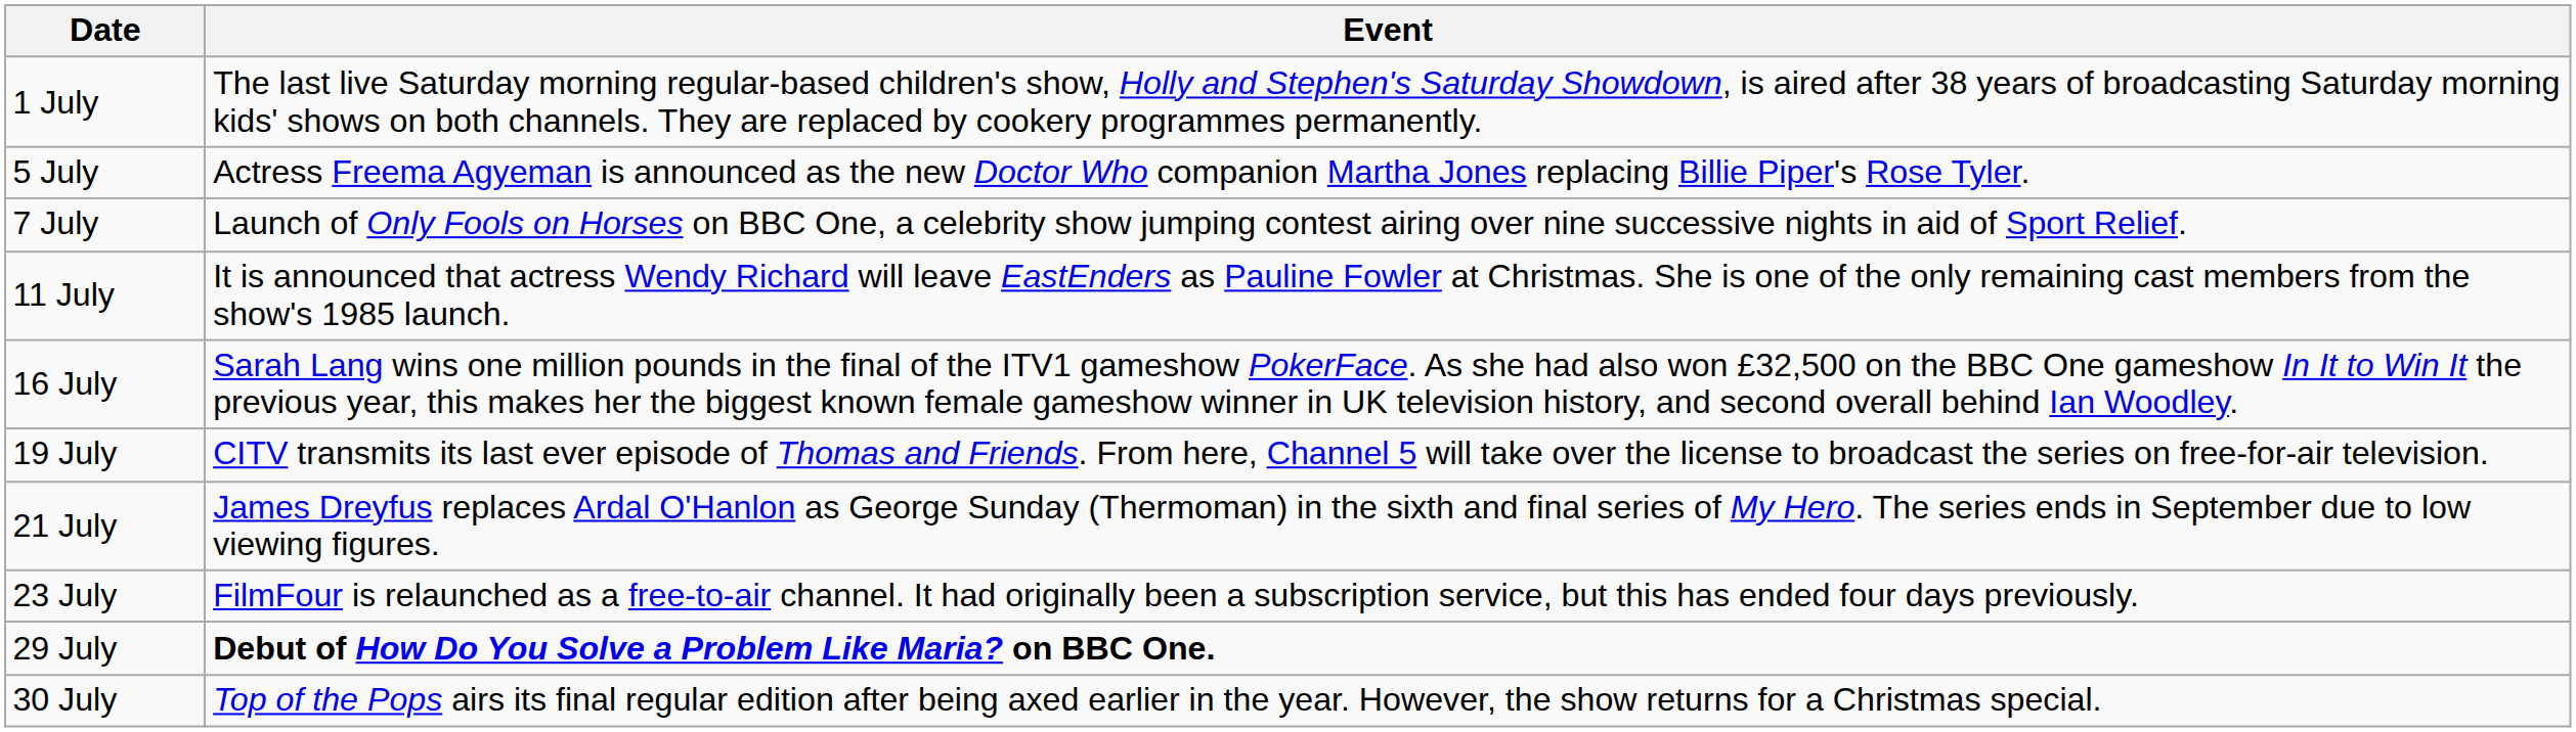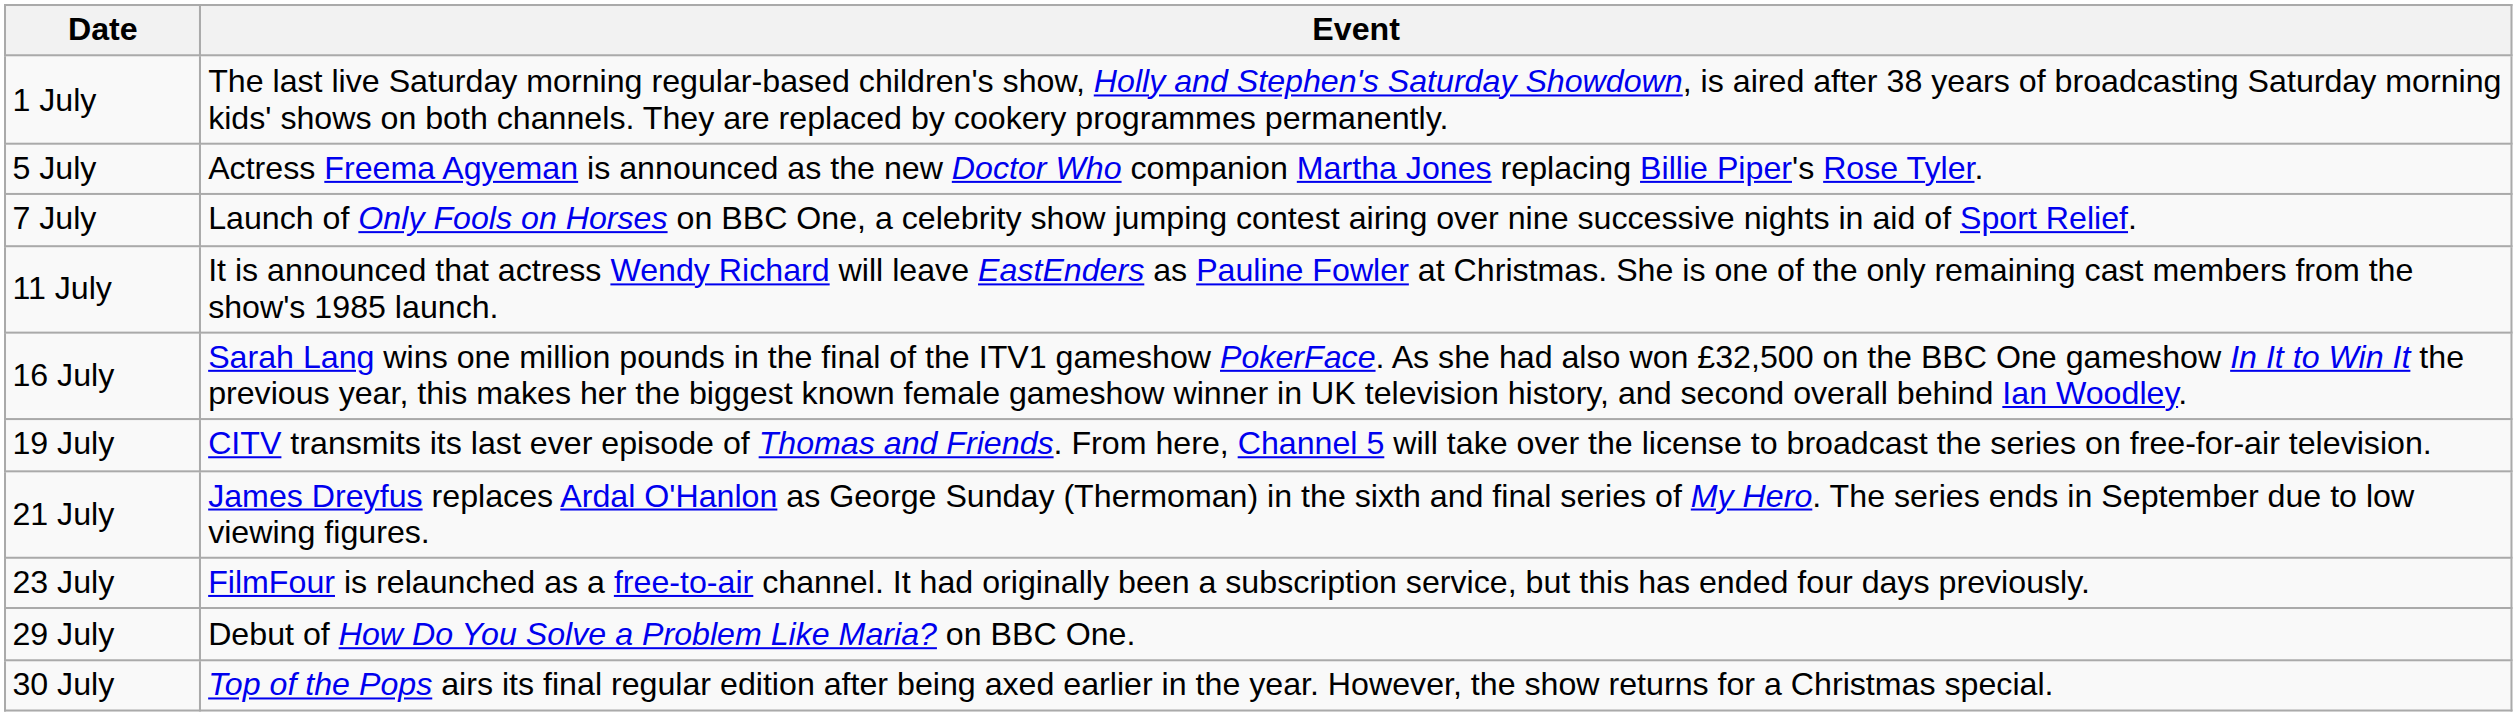 <table class="wikitable">
 <tr>
 <th width=90>Date</th>
 <th>Event</th>
 </tr>
 <tr>
 <td>1 July</td>
 <td>The last live Saturday morning regular-based children's show, <em><a href='#'>Holly and Stephen's Saturday Showdown</a></em>, is aired after 38 years of broadcasting Saturday morning kids' shows on both channels. They are replaced by cookery programmes permanently.</td>
 </tr>
 <tr>
 <td>5 July</td>
 <td>Actress <a href='#'>Freema Agyeman</a> is announced as the new <em><a href='#'>Doctor Who</a></em> companion <a href='#'>Martha Jones</a> replacing <a href='#'>Billie Piper</a>'s <a href='#'>Rose Tyler</a>.</td>
 </tr>
 <tr>
 <td>7 July</td>
 <td>Launch of <em><a href='#'>Only Fools on Horses</a></em> on BBC One, a celebrity show jumping contest airing over nine successive nights in aid of <a href='#'>Sport Relief</a>.</td>
 </tr>
 <tr>
 <td>11 July</td>
 <td>It is announced that actress <a href='#'>Wendy Richard</a> will leave <em><a href='#'>EastEnders</a></em> as <a href='#'>Pauline Fowler</a> at Christmas. She is one of the only remaining cast members from the show's 1985 launch.</td>
 </tr>
 <tr>
 <td>16 July</td>
 <td><a href='#'>Sarah Lang</a> wins one million pounds in the final of the ITV1 gameshow <em><a href='#'>PokerFace</a></em>. As she had also won £32,500 on the BBC One gameshow <em><a href='#'>In It to Win It</a></em> the previous year, this makes her the biggest known female gameshow winner in UK television history, and second overall behind <a href='#'>Ian Woodley</a>.</td>
 </tr>
 <tr>
 <td>19 July</td>
 <td><a href='#'>CITV</a> transmits its last ever episode of <em><a href='#'>Thomas and Friends</a></em>. From here, <a href='#'>Channel 5</a> will take over the license to broadcast the series on free-for-air television.</td>
 </tr>
 <tr>
 <td>21 July</td>
 <td><a href='#'>James Dreyfus</a> replaces <a href='#'>Ardal O'Hanlon</a> as George Sunday (Thermoman) in the sixth and final series of <em><a href='#'>My Hero</a></em>. The series ends in September due to low viewing figures.</td>
 </tr>
 <tr>
 <td>23 July</td>
 <td><a href='#'>FilmFour</a> is relaunched as a <a href='#'>free-to-air</a> channel. It had originally been a subscription service, but this has ended four days previously.</td>
 </tr>
 <tr>
 <td>29 July</td>
-<td><strong>Debut of <em><a href='#'>How Do You Solve a Problem Like Maria?</a></em> on BBC One.</strong></td>
+<td>Debut of <em><a href='#'>How Do You Solve a Problem Like Maria?</a></em> on BBC One.</td>
 </tr>
 <tr>
 <td>30 July</td>
 <td><em><a href='#'>Top of the Pops</a></em> airs its final regular edition after being axed earlier in the year. However, the show returns for a Christmas special.</td>
 </tr>
 </table>
